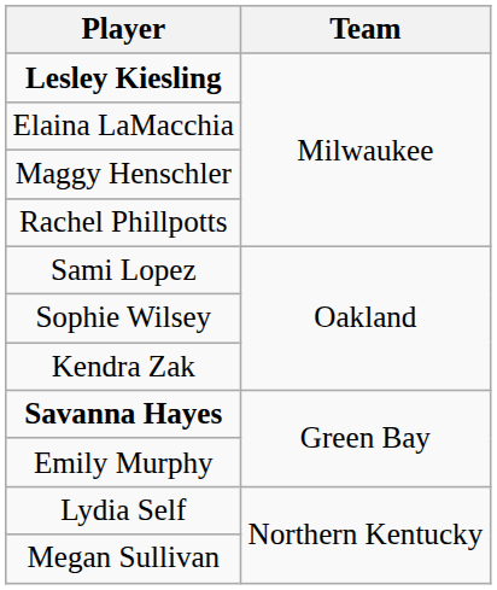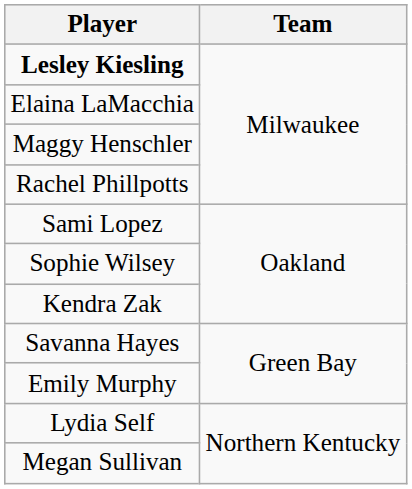 <table class="wikitable" style="text-align: center;">
 <tr>
 <th>Player</th>
 <th>Team</th>
 </tr>
 <tr>
 <td><strong>Lesley Kiesling</strong></td>
 <td rowspan=4>Milwaukee</td>
 </tr>
 <tr>
 <td>Elaina LaMacchia</td>
 </tr>
 <tr>
 <td>Maggy Henschler</td>
 </tr>
 <tr>
 <td>Rachel Phillpotts</td>
 </tr>
 <tr>
 <td>Sami Lopez</td>
 <td rowspan=3>Oakland</td>
 </tr>
 <tr>
 <td>Sophie Wilsey</td>
 </tr>
 <tr>
 <td>Kendra Zak</td>
 </tr>
 <tr>
-<td><strong>Savanna Hayes</strong></td>
+<td>Savanna Hayes</td>
 <td rowspan=2>Green Bay</td>
 </tr>
 <tr>
 <td>Emily Murphy</td>
 </tr>
 <tr>
 <td>Lydia Self</td>
 <td rowspan=2>Northern Kentucky</td>
 </tr>
 <tr>
 <td>Megan Sullivan</td>
 </tr>
 </table>
